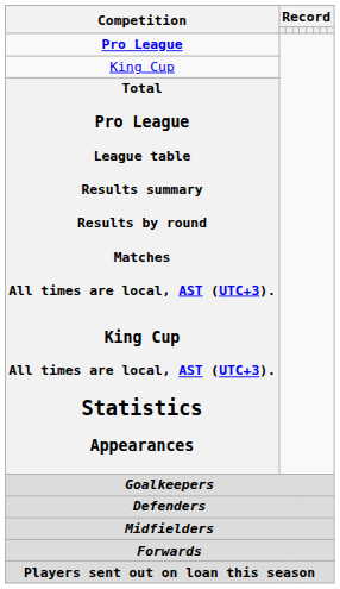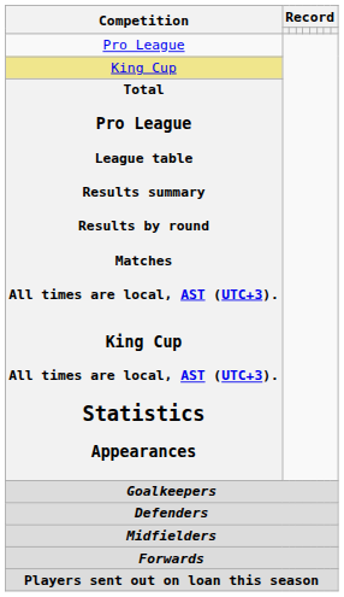 <table class="wikitable" style="text-align: center">
 <tr>
 <th rowspan=2>Competition</th>
 <th colspan=8>Record</th>
 </tr>
 <tr>
 <th></th>
 <th></th>
 <th></th>
 <th></th>
 <th></th>
 <th></th>
 <th></th>
 <th></th>
 </tr>
 <tr>
-<td><strong><a href='#'>Pro League</a><br></strong></td>
+<td><a href='#'>Pro League</a><br></td>
 </tr>
 <tr>
-<td><a href='#'>King Cup</a><br></td>
+<td style="background: khaki;"><a href='#'>King Cup</a><br></td>
 </tr>
 <tr>
 <th>Total<br> <h3>Pro League</h3><h4>League table</h4><h4>Results summary</h4> <h4>Results by round</h4><h4>Matches</h4>All times are local, <a href='#'>AST</a> (<a href='#'>UTC+3</a>).<br>   <br>                             <h3>King Cup</h3> All times are local, <a href='#'>AST</a> (<a href='#'>UTC+3</a>).<br> <h2>Statistics</h2><h3>Appearances</h3></th>
 </tr>
 <tr>
 <th colspan=10 style=background:#dcdcdc; text-align:center><em>Goalkeepers</em><br>   </th>
 </tr>
 <tr>
 <th colspan=10 style=background:#dcdcdc; text-align:center><em>Defenders</em><br>         </th>
 </tr>
 <tr>
 <th colspan=10 style=background:#dcdcdc; text-align:center><em>Midfielders</em><br>            </th>
 </tr>
 <tr>
 <th colspan=10 style=background:#dcdcdc; text-align:center><em>Forwards</em><br>    </th>
 </tr>
 <tr>
 <th colspan=10 style=background:#dcdcdc; text-align:center>Players sent out on loan this season<br>  </th>
 </tr>
 </table>
